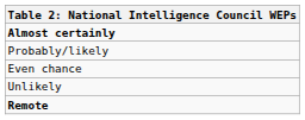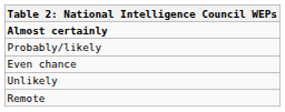 <table class="wikitable">
 <tr>
 <th>Table 2: National Intelligence Council WEPs</th>
 </tr>
 <tr>
 <td><strong>Almost certainly</strong></td>
 </tr>
 <tr>
 <td>Probably/likely</td>
 </tr>
 <tr>
 <td>Even chance</td>
 </tr>
 <tr>
 <td>Unlikely</td>
 </tr>
 <tr>
-<td><strong>Remote</strong></td>
+<td>Remote</td>
 </tr>
 </table>
